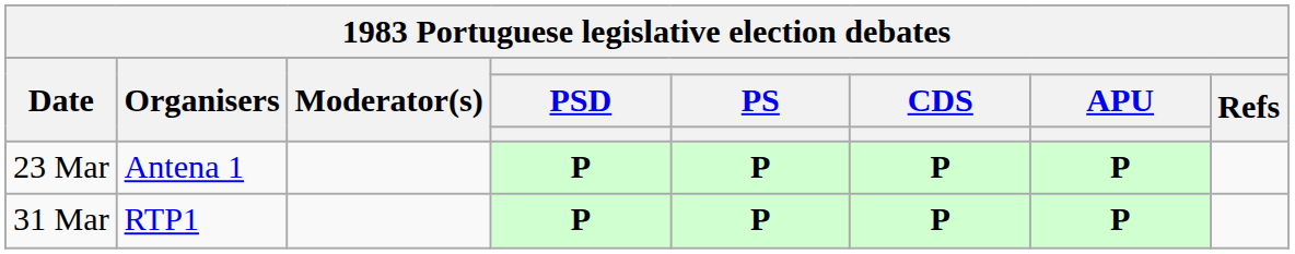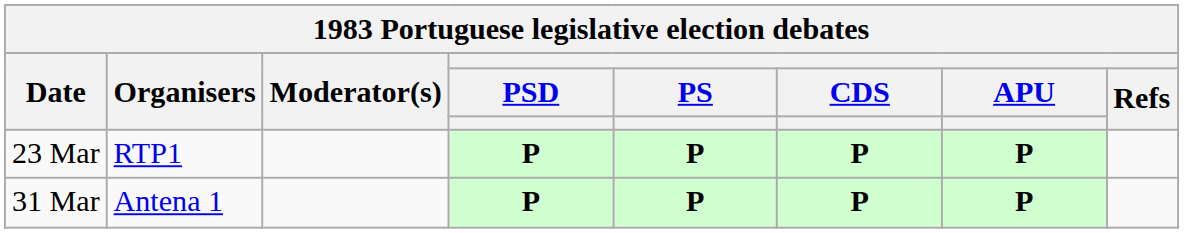 <table class="wikitable" style="font-size:98%; text-align:center;">
 <tr>
 <th colspan="20">1983 Portuguese legislative election debates</th>
 </tr>
 <tr>
 <th rowspan="3">Date</th>
 <th rowspan="3">Organisers</th>
 <th rowspan="3">Moderator(s)</th>
 <th colspan="18">      </th>
 </tr>
 <tr>
 <th scope="col" style="width:5em;"><a href='#'>PSD</a><br></th>
 <th scope="col" style="width:5em;"><a href='#'>PS</a><br></th>
 <th scope="col" style="width:5em;"><a href='#'>CDS</a><br></th>
 <th scope="col" style="width:5em;"><a href='#'>APU</a><br></th>
 <th rowspan="2">Refs</th>
 </tr>
 <tr>
 <th style="color:inherit;background:"></th>
 <th style="color:inherit;background:"></th>
 <th style="color:inherit;background:"></th>
 <th style="color:inherit;background:"></th>
 </tr>
 <tr>
 <td style="white-space:nowrap; text-align:left;">23 Mar</td>
-<td style="white-space:nowrap; text-align:left;"><a href='#'>Antena 1</a></td>
+<td style="white-space:nowrap; text-align:left;"><a href='#'>RTP1</a></td>
 <td style="white-space:nowrap; text-align:left;"></td>
 <td style="background:#D0FFD0;"><strong>P</strong></td>
 <td style="background:#D0FFD0;"><strong>P</strong></td>
 <td style="background:#D0FFD0;"><strong>P</strong></td>
 <td style="background:#D0FFD0;"><strong>P</strong></td>
 <td></td>
 </tr>
 <tr>
 <td style="white-space:nowrap; text-align:left;">31 Mar</td>
-<td style="white-space:nowrap; text-align:left;"><a href='#'>RTP1</a></td>
+<td style="white-space:nowrap; text-align:left;"><a href='#'>Antena 1</a></td>
 <td style="white-space:nowrap; text-align:left;"></td>
 <td style="background:#D0FFD0;"><strong>P</strong></td>
 <td style="background:#D0FFD0;"><strong>P</strong></td>
 <td style="background:#D0FFD0;"><strong>P</strong></td>
 <td style="background:#D0FFD0;"><strong>P</strong></td>
 <td></td>
 </tr>
 </table>
